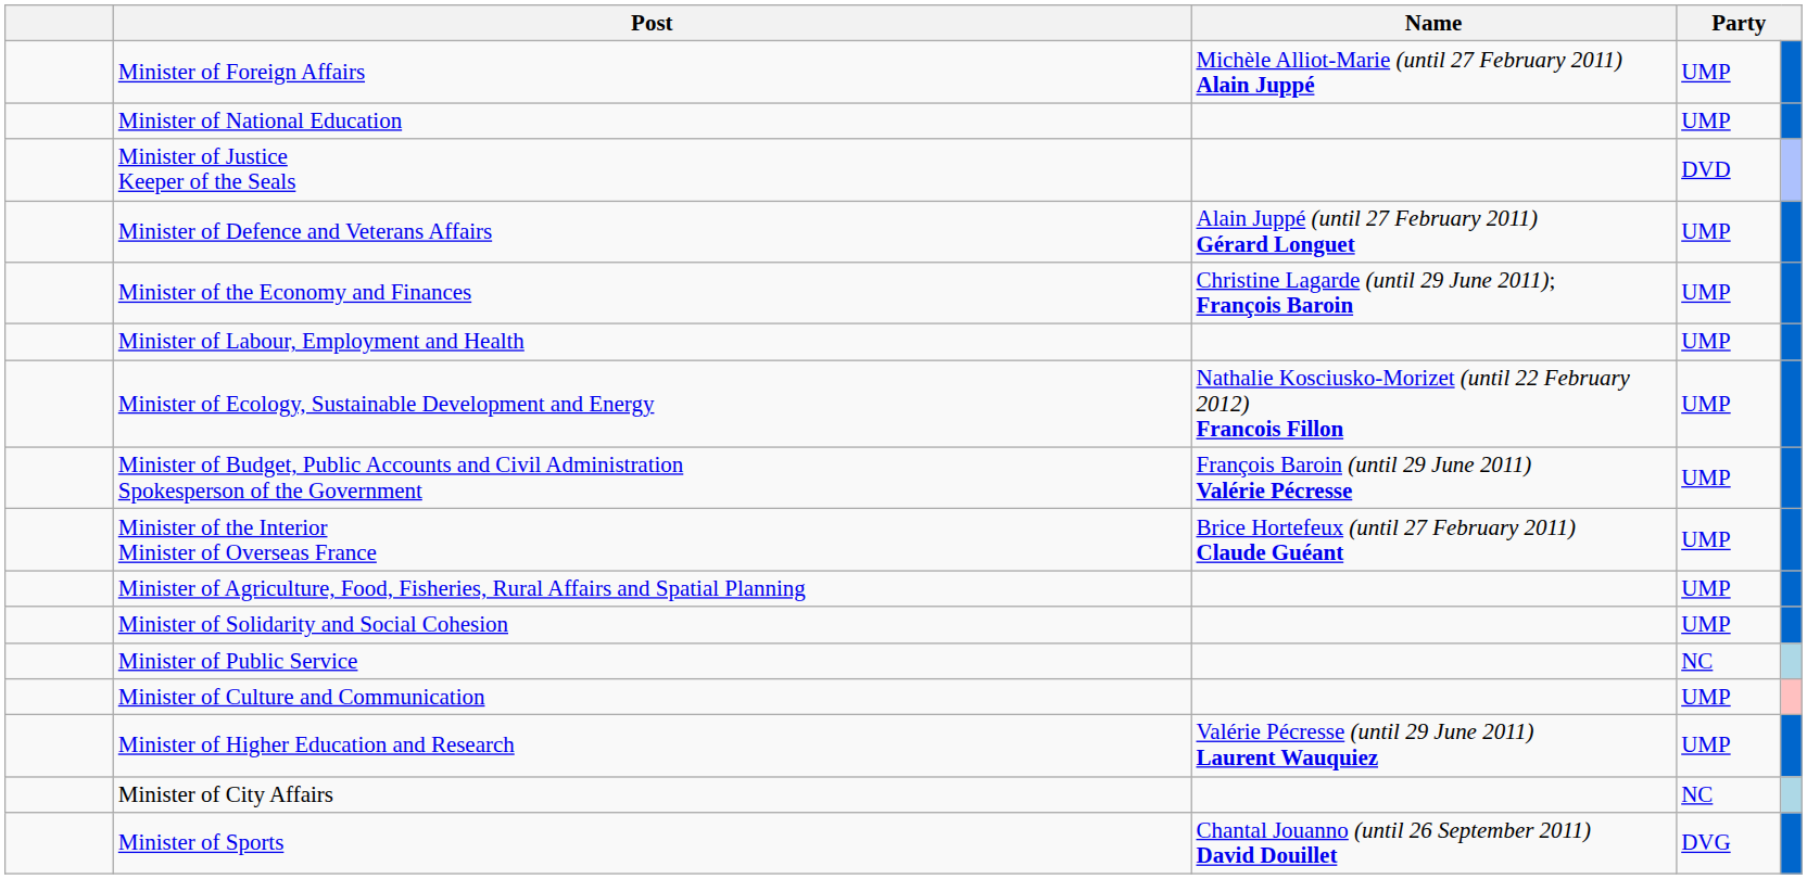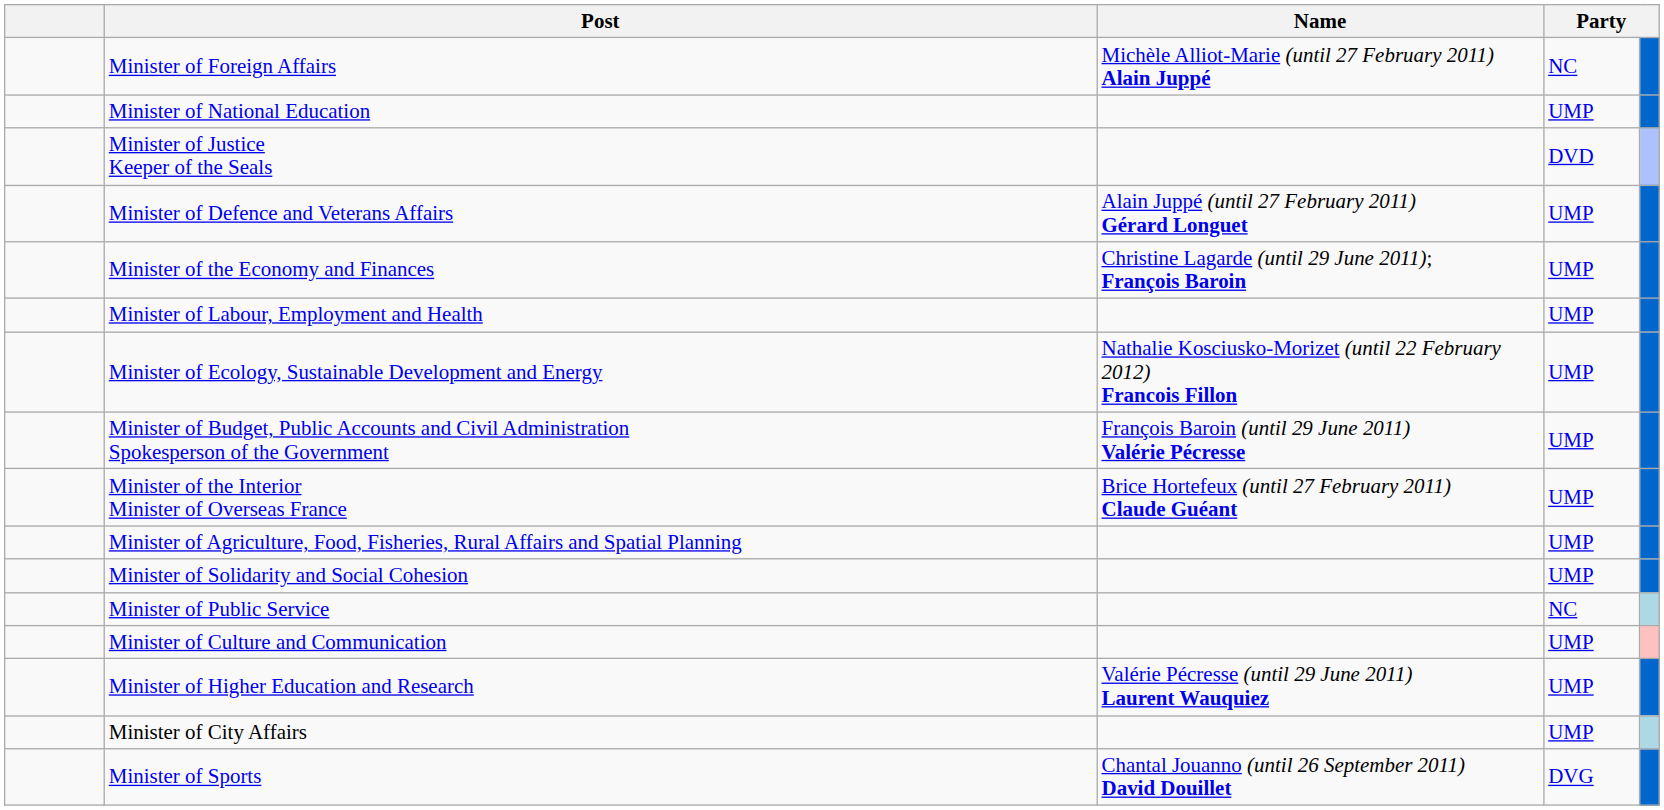 <table class="wikitable sortable" style="width:100%;">
 <tr>
 <th class="unsortable"></th>
 <th width=60%>Post</th>
 <th width=27%>Name</th>
 <th colspan="2" width="7%">Party</th>
 </tr>
 <tr>
 <td></td>
 <td><a href='#'>Minister of Foreign Affairs</a></td>
 <td><a href='#'>Michèle Alliot-Marie</a> <em>(until 27 February 2011)</em> <br><strong><a href='#'>Alain Juppé</a> </strong></td>
-<td><a href='#'>UMP</a></td>
+<td><a href='#'>NC</a></td>
 <td style="width:1px;; background:#0066cc;"></td>
 </tr>
 <tr>
 <td></td>
 <td><a href='#'>Minister of National Education</a></td>
 <td></td>
 <td><a href='#'>UMP</a></td>
 <td style="width:1px;; background:#0066cc;"></td>
 </tr>
 <tr>
 <td></td>
 <td><a href='#'>Minister of Justice</a><br><a href='#'>Keeper of the Seals</a></td>
 <td></td>
 <td><a href='#'>DVD</a></td>
 <td style="width:1px;; background:#adc1fd;"></td>
 </tr>
 <tr>
 <td></td>
 <td><a href='#'>Minister of Defence and Veterans Affairs</a></td>
 <td><a href='#'>Alain Juppé</a> <em>(until 27 February 2011)</em> <br><strong><a href='#'>Gérard Longuet</a> </strong></td>
 <td><a href='#'>UMP</a></td>
 <td style="width:1px;; background:#0066cc;"></td>
 </tr>
 <tr>
 <td></td>
 <td><a href='#'>Minister of the Economy and Finances</a></td>
 <td><a href='#'>Christine Lagarde</a> <em>(until 29 June 2011)</em>;<br><strong><a href='#'>François Baroin</a> </strong></td>
 <td><a href='#'>UMP</a></td>
 <td style="width:1px;; background:#0066cc;"></td>
 </tr>
 <tr>
 <td></td>
 <td><a href='#'>Minister of Labour, Employment and Health</a></td>
 <td></td>
 <td><a href='#'>UMP</a></td>
 <td style="width:1px;; background:#0066cc;"></td>
 </tr>
 <tr>
 <td></td>
 <td><a href='#'>Minister of Ecology, Sustainable Development and Energy</a></td>
 <td><a href='#'>Nathalie Kosciusko-Morizet</a> <em>(until 22 February 2012)</em> <br><strong><a href='#'>Francois Fillon</a> </strong></td>
 <td><a href='#'>UMP</a></td>
 <td style="width:1px;; background:#0066cc;"></td>
 </tr>
 <tr>
 <td></td>
 <td><a href='#'>Minister of Budget, Public Accounts and Civil Administration</a><br><a href='#'>Spokesperson of the Government</a></td>
 <td><a href='#'>François Baroin</a> <em>(until 29 June 2011)</em> <br><strong><a href='#'>Valérie Pécresse</a> </strong></td>
 <td><a href='#'>UMP</a></td>
 <td style="width:1px;; background:#0066cc;"></td>
 </tr>
 <tr>
 <td></td>
 <td><a href='#'>Minister of the Interior</a><br><a href='#'>Minister of Overseas France</a></td>
 <td><a href='#'>Brice Hortefeux</a> <em>(until 27 February 2011)</em> <br><strong><a href='#'>Claude Guéant</a> </strong></td>
 <td><a href='#'>UMP</a></td>
 <td style="width:1px;; background:#0066cc;"></td>
 </tr>
 <tr>
 <td></td>
 <td><a href='#'>Minister of Agriculture, Food, Fisheries, Rural Affairs and Spatial Planning</a></td>
 <td></td>
 <td><a href='#'>UMP</a></td>
 <td style="width:1px;; background:#0066cc;"></td>
 </tr>
 <tr>
 <td></td>
 <td><a href='#'>Minister of Solidarity and Social Cohesion</a></td>
 <td></td>
 <td><a href='#'>UMP</a></td>
 <td style="width:1px;; background:#0066cc;"></td>
 </tr>
 <tr>
 <td></td>
 <td><a href='#'>Minister of Public Service</a></td>
 <td></td>
 <td><a href='#'>NC</a></td>
 <td style="width:1px;; background:	#ADD8E6;"></td>
 </tr>
 <tr>
 <td></td>
 <td><a href='#'>Minister of Culture and Communication</a></td>
 <td></td>
 <td><a href='#'>UMP</a></td>
 <td style="width:1px;; background:#ffc0c0;"></td>
 </tr>
 <tr>
 <td></td>
 <td><a href='#'>Minister of Higher Education and Research</a></td>
 <td><a href='#'>Valérie Pécresse</a> <em>(until 29 June 2011)</em> <br><strong><a href='#'>Laurent Wauquiez</a> </strong></td>
 <td><a href='#'>UMP</a></td>
 <td style="width:1px;; background:#0066cc;"></td>
 </tr>
 <tr>
 <td></td>
 <td>Minister of City Affairs</td>
 <td></td>
-<td><a href='#'>NC</a></td>
+<td><a href='#'>UMP</a></td>
 <td style="width:1px;; background:	#ADD8E6;"></td>
 </tr>
 <tr>
 <td></td>
 <td><a href='#'>Minister of Sports</a></td>
 <td><a href='#'>Chantal Jouanno</a> <em>(until 26 September 2011)</em> <br><strong><a href='#'>David Douillet</a> </strong></td>
 <td><a href='#'>DVG</a></td>
 <td style="width:1px;; background:#0066cc;"></td>
 </tr>
 </table>
